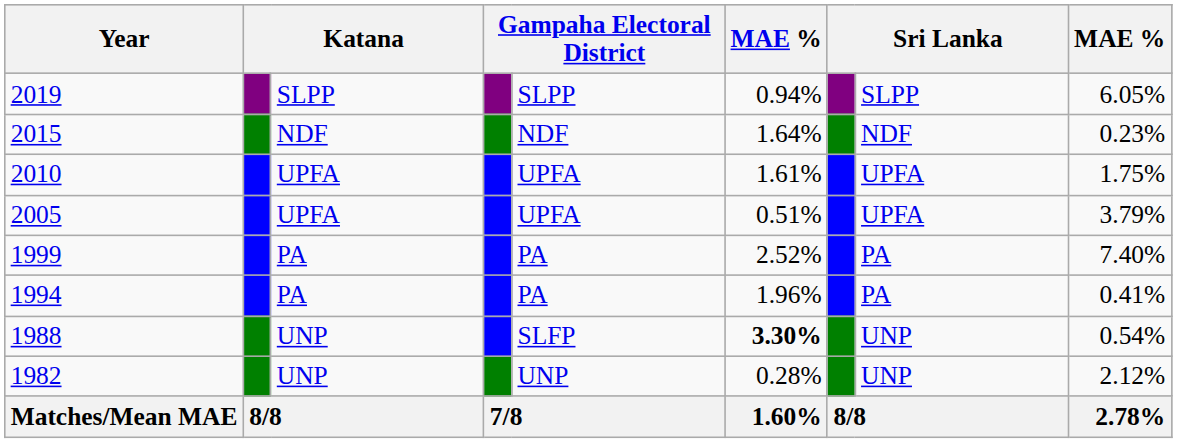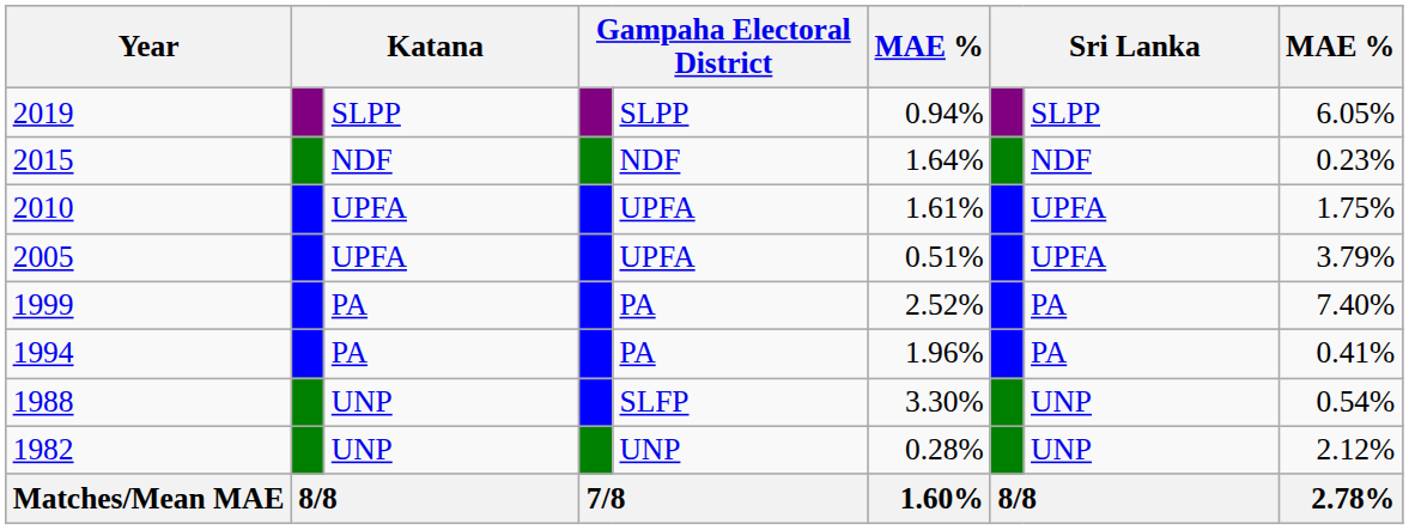 <table class="wikitable">
 <tr>
 <th>Year</th>
 <th colspan="2" width="144px">Katana</th>
 <th colspan="2" width="144px"><a href='#'>Gampaha Electoral District</a></th>
 <th><a href='#'>MAE</a> %</th>
 <th colspan="2" width="144px">Sri Lanka</th>
 <th>MAE %</th>
 </tr>
 <tr>
 <td><a href='#'>2019</a></td>
 <td style="background-color:purple;" width="10px"></td>
 <td style="text-align:left;"><a href='#'>SLPP</a></td>
 <td style="background-color:purple;" width="10px"></td>
 <td style="text-align:left;"><a href='#'>SLPP</a></td>
 <td style="text-align:right;">0.94%</td>
 <td style="background-color:purple;" width="10px"></td>
 <td style="text-align:left;"><a href='#'>SLPP</a></td>
 <td style="text-align:right;">6.05%</td>
 </tr>
 <tr>
 <td><a href='#'>2015</a></td>
 <td style="background-color:green;" width="10px"></td>
 <td style="text-align:left;"><a href='#'>NDF</a></td>
 <td style="background-color:green;" width="10px"></td>
 <td style="text-align:left;"><a href='#'>NDF</a></td>
 <td style="text-align:right;">1.64%</td>
 <td style="background-color:green;" width="10px"></td>
 <td style="text-align:left;"><a href='#'>NDF</a></td>
 <td style="text-align:right;">0.23%</td>
 </tr>
 <tr>
 <td><a href='#'>2010</a></td>
 <td style="background-color:blue;" width="10px"></td>
 <td style="text-align:left;"><a href='#'>UPFA</a></td>
 <td style="background-color:blue;" width="10px"></td>
 <td style="text-align:left;"><a href='#'>UPFA</a></td>
 <td style="text-align:right;">1.61%</td>
 <td style="background-color:blue;" width="10px"></td>
 <td style="text-align:left;"><a href='#'>UPFA</a></td>
 <td style="text-align:right;">1.75%</td>
 </tr>
 <tr>
 <td><a href='#'>2005</a></td>
 <td style="background-color:blue;" width="10px"></td>
 <td style="text-align:left;"><a href='#'>UPFA</a></td>
 <td style="background-color:blue;" width="10px"></td>
 <td style="text-align:left;"><a href='#'>UPFA</a></td>
 <td style="text-align:right;">0.51%</td>
 <td style="background-color:blue;" width="10px"></td>
 <td style="text-align:left;"><a href='#'>UPFA</a></td>
 <td style="text-align:right;">3.79%</td>
 </tr>
 <tr>
 <td><a href='#'>1999</a></td>
 <td style="background-color:blue;" width="10px"></td>
 <td style="text-align:left;"><a href='#'>PA</a></td>
 <td style="background-color:blue;" width="10px"></td>
 <td style="text-align:left;"><a href='#'>PA</a></td>
 <td style="text-align:right;">2.52%</td>
 <td style="background-color:blue;" width="10px"></td>
 <td style="text-align:left;"><a href='#'>PA</a></td>
 <td style="text-align:right;">7.40%</td>
 </tr>
 <tr>
 <td><a href='#'>1994</a></td>
 <td style="background-color:blue;" width="10px"></td>
 <td style="text-align:left;"><a href='#'>PA</a></td>
 <td style="background-color:blue;" width="10px"></td>
 <td style="text-align:left;"><a href='#'>PA</a></td>
 <td style="text-align:right;">1.96%</td>
 <td style="background-color:blue;" width="10px"></td>
 <td style="text-align:left;"><a href='#'>PA</a></td>
 <td style="text-align:right;">0.41%</td>
 </tr>
 <tr>
 <td><a href='#'>1988</a></td>
 <td style="background-color:green;" width="10px"></td>
 <td style="text-align:left;"><a href='#'>UNP</a></td>
 <td style="background-color:blue;" width="10px"></td>
 <td style="text-align:left;"><a href='#'>SLFP</a></td>
-<td style="text-align:right;"><strong>3.30%</strong></td>
+<td style="text-align:right;">3.30%</td>
 <td style="background-color:green;" width="10px"></td>
 <td style="text-align:left;"><a href='#'>UNP</a></td>
 <td style="text-align:right;">0.54%</td>
 </tr>
 <tr>
 <td><a href='#'>1982</a></td>
 <td style="background-color:green;" width="10px"></td>
 <td style="text-align:left;"><a href='#'>UNP</a></td>
 <td style="background-color:green;" width="10px"></td>
 <td style="text-align:left;"><a href='#'>UNP</a></td>
 <td style="text-align:right;">0.28%</td>
 <td style="background-color:green;" width="10px"></td>
 <td style="text-align:left;"><a href='#'>UNP</a></td>
 <td style="text-align:right;">2.12%</td>
 </tr>
 <tr>
 <th>Matches/Mean MAE</th>
 <th style="text-align:left;"colspan="2" width="144px">8/8</th>
 <th style="text-align:left;"colspan="2" width="144px">7/8</th>
 <th style="text-align:right;">1.60%</th>
 <th style="text-align:left;"colspan="2" width="144px">8/8</th>
 <th style="text-align:right;">2.78%</th>
 </tr>
 </table>
